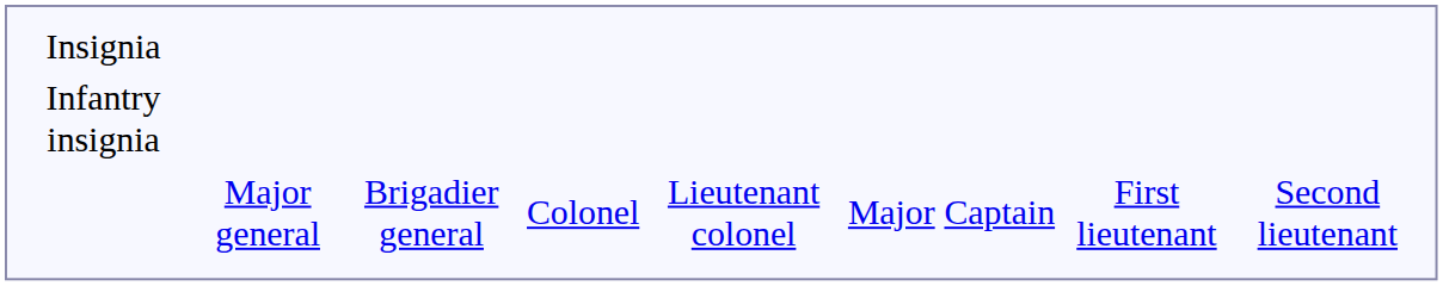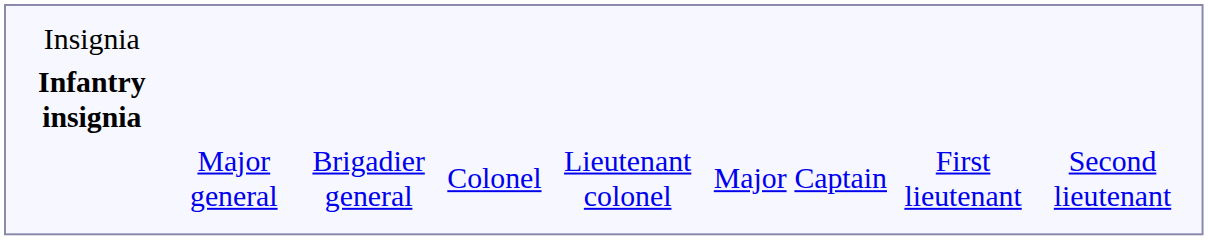 <table style="border:1px solid #8888aa; background:#f7f8ff; padding:5px; font-size:95%; margin:0 12px 12px 0;">
 <tr style="text-align:center;">
 <td>Insignia</td>
 <td colspan=6 rowspan=3></td>
 <td colspan=2></td>
 <td colspan=2></td>
 <td colspan=2></td>
 <td colspan=2></td>
 <td colspan=2></td>
 <td colspan=2></td>
 <td colspan=3></td>
 <td colspan=3></td>
 </tr>
 <tr style="text-align:center;">
-<td>Infantry insignia</td>
+<td><strong>Infantry insignia</strong></td>
 <td colspan=2></td>
 <td colspan=2></td>
 <td colspan=2></td>
 <td colspan=2></td>
 <td colspan=2></td>
 <td colspan=2></td>
 <td colspan=3></td>
 <td colspan=3></td>
 </tr>
 <tr style="text-align:center;">
 <td></td>
 <td colspan=2><a href='#'>Major general</a></td>
 <td colspan=2><a href='#'>Brigadier general</a></td>
 <td colspan=2><a href='#'>Colonel</a></td>
 <td colspan=2><a href='#'>Lieutenant colonel</a></td>
 <td colspan=2><a href='#'>Major</a></td>
 <td colspan=2><a href='#'>Captain</a></td>
 <td colspan=3><a href='#'>First lieutenant</a></td>
 <td colspan=3><a href='#'>Second lieutenant</a></td>
 </tr>
 <tr>
 </tr>
 </table>
